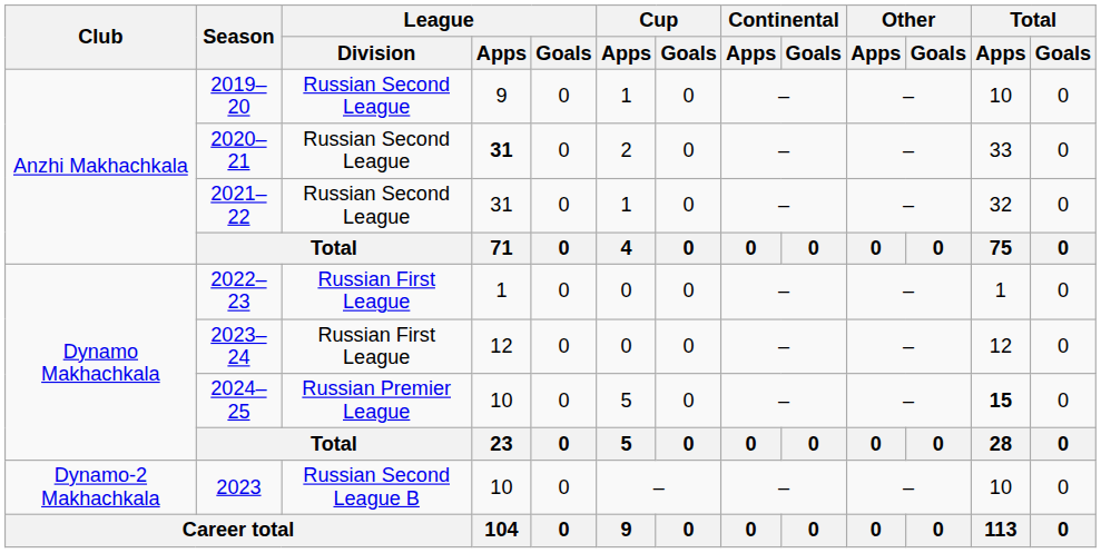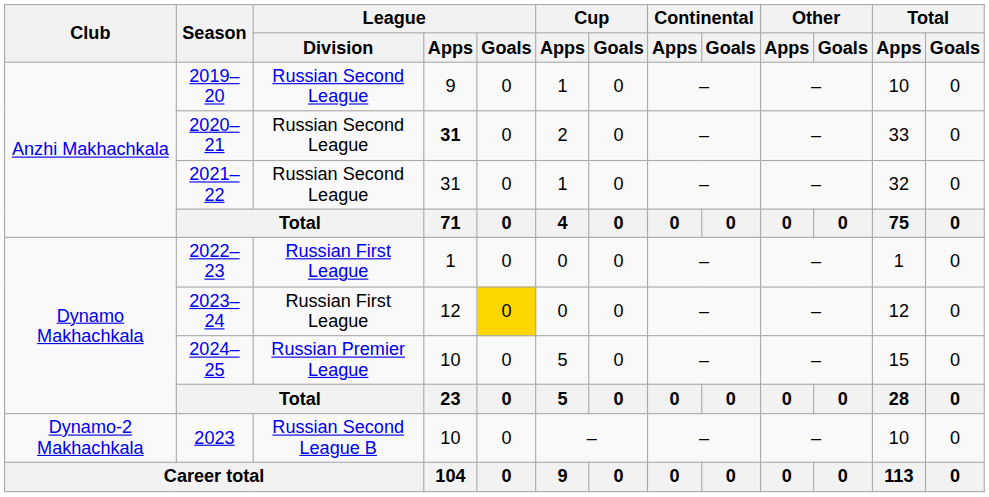 <table class="wikitable" style="text-align: center;">
 <tr>
 <th rowspan=2>Club</th>
 <th rowspan=2>Season</th>
 <th colspan=3>League</th>
 <th colspan=2>Cup</th>
 <th colspan=2>Continental</th>
 <th colspan=2>Other</th>
 <th colspan=2>Total</th>
 </tr>
 <tr>
 <th>Division</th>
 <th>Apps</th>
 <th>Goals</th>
 <th>Apps</th>
 <th>Goals</th>
 <th>Apps</th>
 <th>Goals</th>
 <th>Apps</th>
 <th>Goals</th>
 <th>Apps</th>
 <th>Goals</th>
 </tr>
 <tr>
 <td rowspan="4"><a href='#'>Anzhi Makhachkala</a></td>
 <td><a href='#'>2019–20</a></td>
 <td><a href='#'>Russian Second League</a></td>
 <td>9</td>
 <td>0</td>
 <td>1</td>
 <td>0</td>
 <td colspan=2>–</td>
 <td colspan=2>–</td>
 <td>10</td>
 <td>0</td>
 </tr>
 <tr>
 <td><a href='#'>2020–21</a></td>
 <td>Russian Second League</td>
 <td><strong>31</strong></td>
 <td>0</td>
 <td>2</td>
 <td>0</td>
 <td colspan=2>–</td>
 <td colspan=2>–</td>
 <td>33</td>
 <td>0</td>
 </tr>
 <tr>
 <td><a href='#'>2021–22</a></td>
 <td>Russian Second League</td>
 <td>31</td>
 <td>0</td>
 <td>1</td>
 <td>0</td>
 <td colspan=2>–</td>
 <td colspan=2>–</td>
 <td>32</td>
 <td>0</td>
 </tr>
 <tr>
 <th colspan=2>Total</th>
 <th>71</th>
 <th>0</th>
 <th>4</th>
 <th>0</th>
 <th>0</th>
 <th>0</th>
 <th>0</th>
 <th>0</th>
 <th>75</th>
 <th>0</th>
 </tr>
 <tr>
 <td rowspan="4"><a href='#'>Dynamo Makhachkala</a></td>
 <td><a href='#'>2022–23</a></td>
 <td><a href='#'>Russian First League</a></td>
 <td>1</td>
 <td>0</td>
 <td>0</td>
 <td>0</td>
 <td colspan=2>–</td>
 <td colspan=2>–</td>
 <td>1</td>
 <td>0</td>
 </tr>
 <tr>
 <td><a href='#'>2023–24</a></td>
 <td>Russian First League</td>
 <td>12</td>
-<td>0</td>
+<td style="background: gold;">0</td>
 <td>0</td>
 <td>0</td>
 <td colspan=2>–</td>
 <td colspan=2>–</td>
 <td>12</td>
 <td>0</td>
 </tr>
 <tr>
 <td><a href='#'>2024–25</a></td>
 <td><a href='#'>Russian Premier League</a></td>
 <td>10</td>
 <td>0</td>
 <td>5</td>
 <td>0</td>
 <td colspan=2>–</td>
 <td colspan=2>–</td>
-<td><strong>15</strong></td>
+<td>15</td>
 <td>0</td>
 </tr>
 <tr>
 <th colspan=2>Total</th>
 <th>23</th>
 <th>0</th>
 <th>5</th>
 <th>0</th>
 <th>0</th>
 <th>0</th>
 <th>0</th>
 <th>0</th>
 <th>28</th>
 <th>0</th>
 </tr>
 <tr>
 <td><a href='#'>Dynamo-2 Makhachkala</a></td>
 <td><a href='#'>2023</a></td>
 <td><a href='#'>Russian Second League B</a></td>
 <td>10</td>
 <td>0</td>
 <td colspan=2>–</td>
 <td colspan=2>–</td>
 <td colspan=2>–</td>
 <td>10</td>
 <td>0</td>
 </tr>
 <tr>
 <th colspan=3>Career total</th>
 <th>104</th>
 <th>0</th>
 <th>9</th>
 <th>0</th>
 <th>0</th>
 <th>0</th>
 <th>0</th>
 <th>0</th>
 <th>113</th>
 <th>0</th>
 </tr>
 </table>
